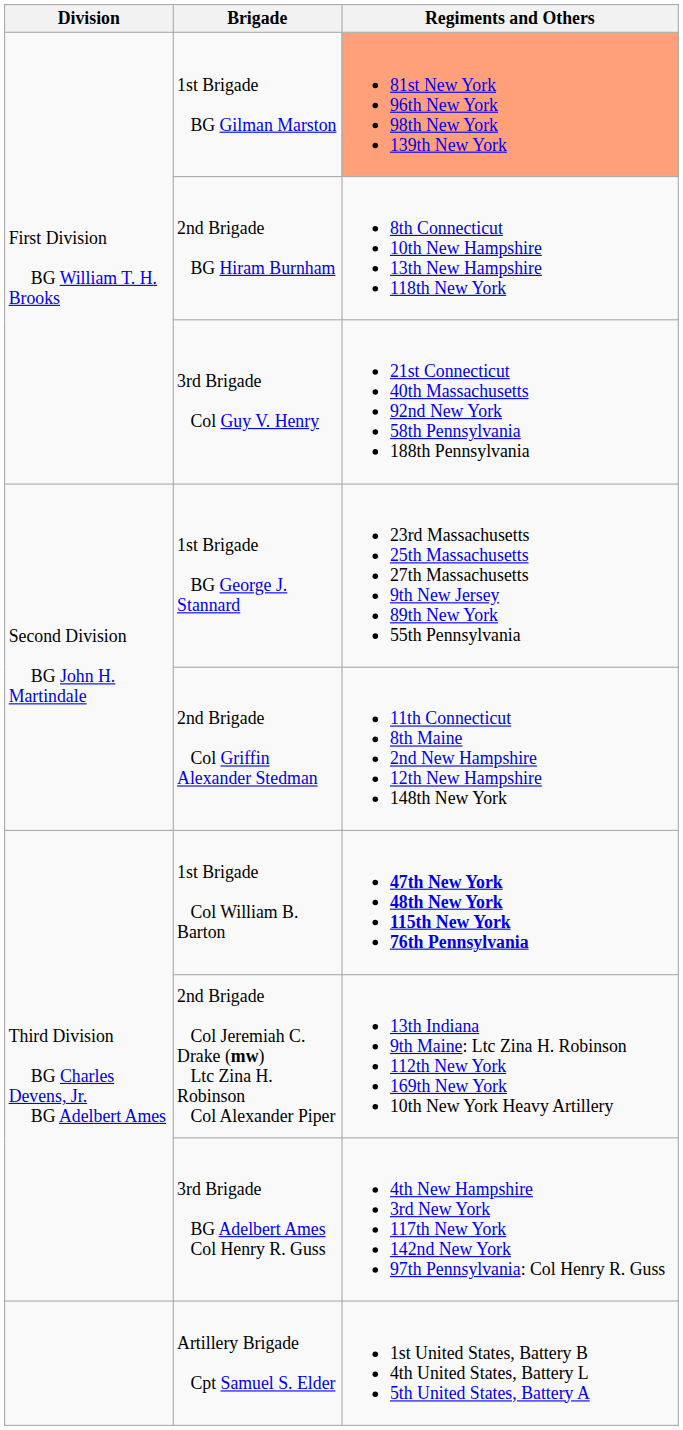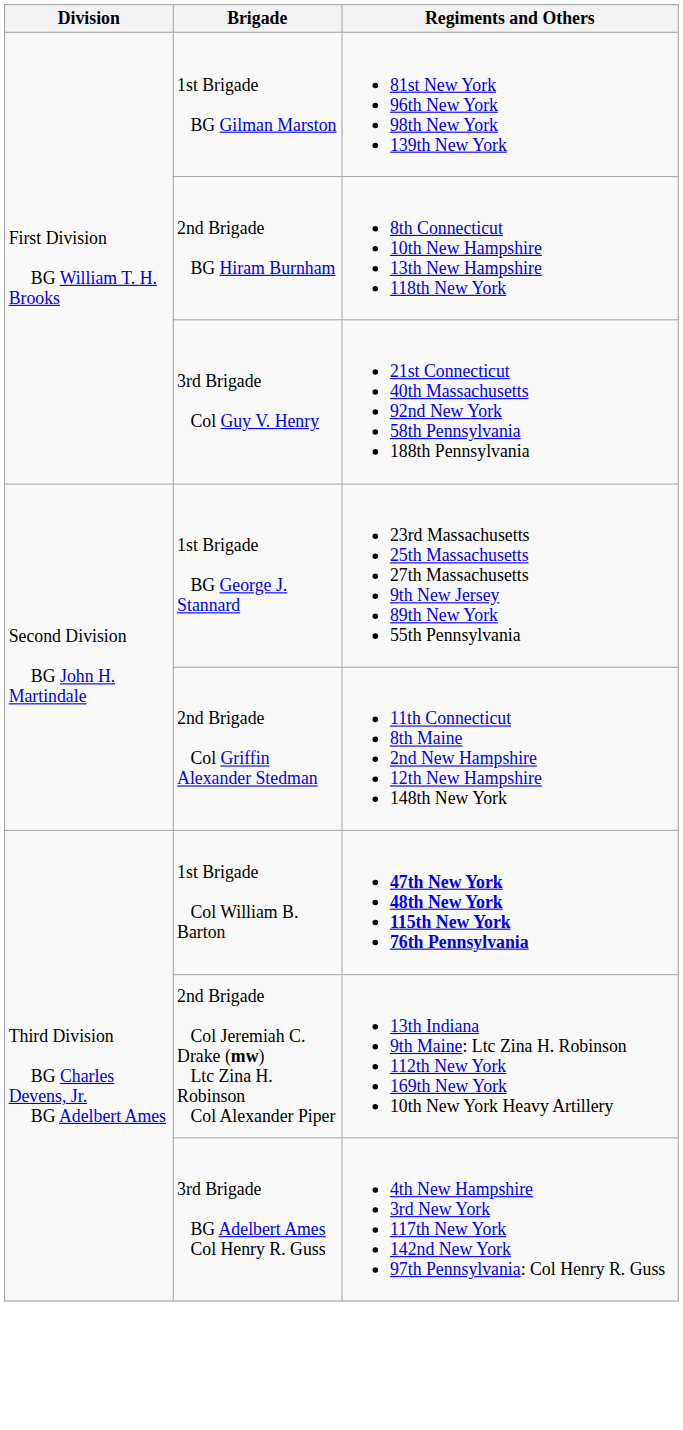 <table class="wikitable">
 <tr>
 <th width=25%>Division</th>
 <th width=25%>Brigade</th>
 <th>Regiments and Others</th>
 </tr>
 <tr>
 <td rowspan=3><br>First Division<br> <br>     BG <a href='#'>William T. H. Brooks</a></td>
 <td>1st Brigade<br><br>   BG <a href='#'>Gilman Marston</a></td>
-<td style="background: lightsalmon;"><br><ul><li><a href='#'>81st New York</a></li><li><a href='#'>96th New York</a></li><li><a href='#'>98th New York</a></li><li><a href='#'>139th New York</a></li></ul></td>
+<td><br><ul><li><a href='#'>81st New York</a></li><li><a href='#'>96th New York</a></li><li><a href='#'>98th New York</a></li><li><a href='#'>139th New York</a></li></ul></td>
 </tr>
 <tr>
 <td>2nd Brigade<br><br>   BG <a href='#'>Hiram Burnham</a></td>
 <td><br><ul><li><a href='#'>8th Connecticut</a></li><li><a href='#'>10th New Hampshire</a></li><li><a href='#'>13th New Hampshire</a></li><li><a href='#'>118th New York</a></li></ul></td>
 </tr>
 <tr>
 <td>3rd Brigade<br><br>   Col <a href='#'>Guy V. Henry</a></td>
 <td><br><ul><li><a href='#'>21st Connecticut</a></li><li><a href='#'>40th Massachusetts</a></li><li><a href='#'>92nd New York</a></li><li><a href='#'>58th Pennsylvania</a></li><li>188th Pennsylvania</li></ul></td>
 </tr>
 <tr>
 <td rowspan=2><br>Second Division <br> <br>     BG <a href='#'>John H. Martindale</a></td>
 <td>1st Brigade<br><br>   BG <a href='#'>George J. Stannard</a></td>
 <td><br><ul><li>23rd Massachusetts</li><li><a href='#'>25th Massachusetts</a></li><li>27th Massachusetts</li><li><a href='#'>9th New Jersey</a></li><li><a href='#'>89th New York</a></li><li>55th Pennsylvania</li></ul></td>
 </tr>
 <tr>
 <td>2nd Brigade<br><br>   Col <a href='#'>Griffin Alexander Stedman</a></td>
 <td><br><ul><li><a href='#'>11th Connecticut</a></li><li><a href='#'>8th Maine</a></li><li><a href='#'>2nd New Hampshire</a></li><li><a href='#'>12th New Hampshire</a></li><li>148th New York</li></ul></td>
 </tr>
 <tr>
 <td rowspan=3><br>Third Division<br> <br>     BG <a href='#'>Charles Devens, Jr.</a> <br>     BG <a href='#'>Adelbert Ames</a></td>
 <td>1st Brigade<br><br>   Col William B. Barton</td>
 <td><strong><br><ul><li><a href='#'>47th New York</a></li><li><a href='#'>48th New York</a></li><li><a href='#'>115th New York</a></li><li><a href='#'>76th Pennsylvania</a></li></ul></strong></td>
 </tr>
 <tr>
 <td>2nd Brigade<br><br>   Col Jeremiah C. Drake (<strong>mw</strong>) <br>   Ltc Zina H. Robinson <br>   Col Alexander Piper</td>
 <td><br><ul><li><a href='#'>13th Indiana</a></li><li><a href='#'>9th Maine</a>: Ltc Zina H. Robinson</li><li><a href='#'>112th New York</a></li><li><a href='#'>169th New York</a></li><li>10th New York Heavy Artillery</li></ul></td>
 </tr>
 <tr>
 <td>3rd Brigade<br><br>   BG <a href='#'>Adelbert Ames</a> <br>   Col Henry R. Guss</td>
 <td><br><ul><li><a href='#'>4th New Hampshire</a></li><li><a href='#'>3rd New York</a></li><li><a href='#'>117th New York</a></li><li><a href='#'>142nd New York</a></li><li><a href='#'>97th Pennsylvania</a>: Col Henry R. Guss</li></ul></td>
 </tr>
-<tr>
-<td></td>
-<td>Artillery Brigade<br><br>   Cpt <a href='#'>Samuel S. Elder</a></td>
-<td><br><ul><li>1st United States, Battery B</li><li>4th United States, Battery L</li><li><a href='#'>5th United States, Battery A</a></li></ul></td>
-</tr>
 </table>
